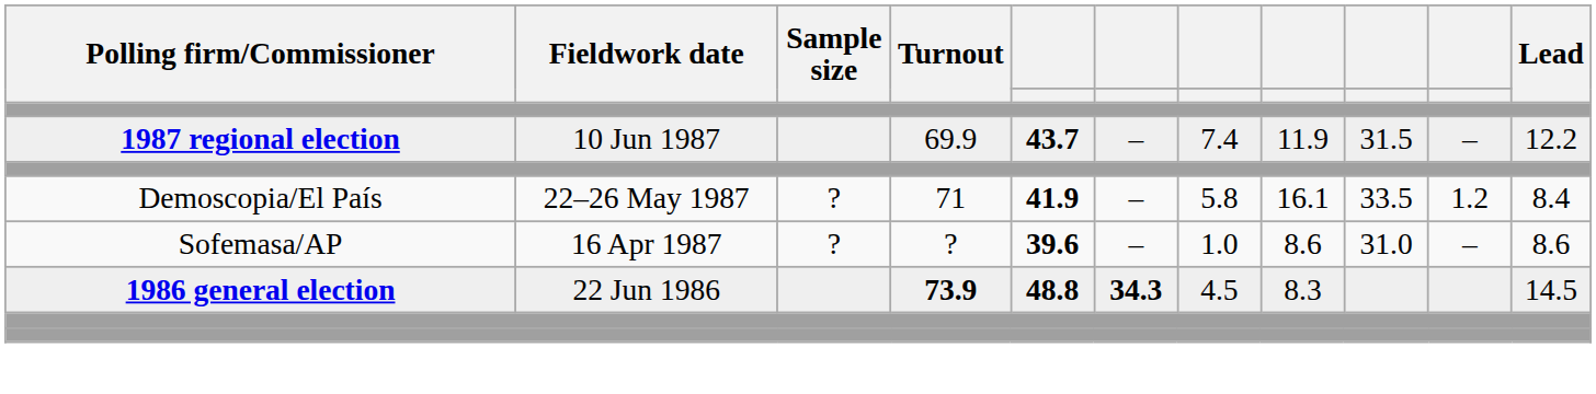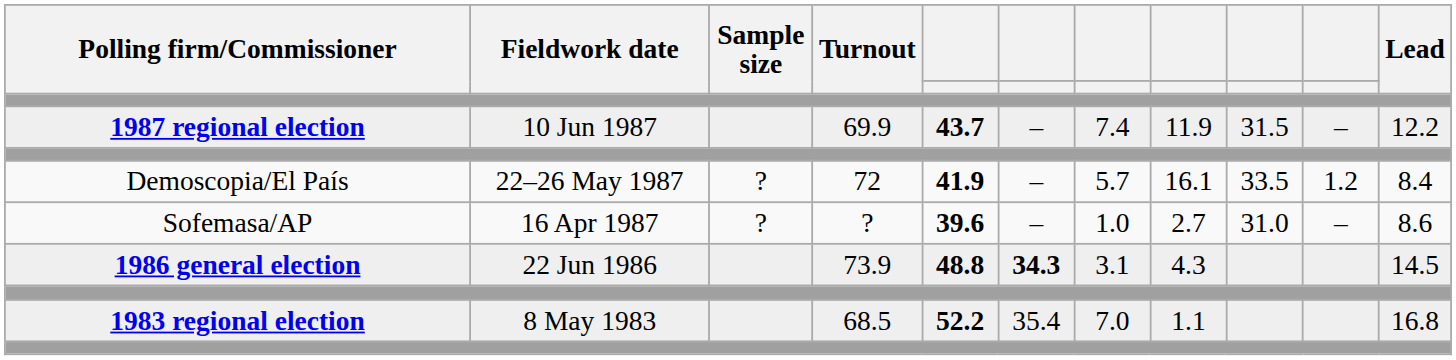 <table class="wikitable collapsible collapsed" style="text-align:center; font-size:95%; line-height:16px;">
 <tr style="height:42px;">
 <th style="width:250px;" rowspan="2">Polling firm/Commissioner</th>
 <th style="width:125px;" rowspan="2">Fieldwork date</th>
 <th style="width:50px;" rowspan="2">Sample size</th>
 <th style="width:45px;" rowspan="2">Turnout</th>
 <th style="width:35px;"></th>
 <th style="width:35px;"></th>
 <th style="width:35px;"></th>
 <th style="width:35px;"></th>
 <th style="width:35px;"></th>
 <th style="width:35px;"></th>
 <th style="width:30px;" rowspan="2">Lead</th>
 </tr>
 <tr>
 <th style="color:inherit;background:"></th>
 <th style="color:inherit;background:"></th>
 <th style="color:inherit;background:"></th>
 <th style="color:inherit;background:"></th>
 <th style="color:inherit;background:"></th>
 <th style="color:inherit;background:"></th>
 </tr>
 <tr>
 <td colspan="11" style="background:#A0A0A0"></td>
 </tr>
 <tr style="background:#EFEFEF;">
 <td><strong><a href='#'>1987 regional election</a></strong></td>
 <td>10 Jun 1987</td>
 <td></td>
 <td>69.9</td>
 <td><strong>43.7</strong><br></td>
 <td>–</td>
 <td>7.4<br></td>
 <td>11.9<br></td>
 <td>31.5<br></td>
 <td>–</td>
 <td style="background:">12.2</td>
 </tr>
 <tr>
 <td colspan="11" style="background:#A0A0A0"></td>
 </tr>
 <tr>
 <td>Demoscopia/El País</td>
 <td>22–26 May 1987</td>
 <td>?</td>
-<td>71</td>
+<td>72</td>
 <td><strong>41.9</strong><br></td>
 <td>–</td>
-<td>5.8<br></td>
+<td>5.7<br></td>
 <td>16.1<br></td>
 <td>33.5<br></td>
 <td>1.2<br></td>
 <td style="background:">8.4</td>
 </tr>
 <tr>
 <td>Sofemasa/AP</td>
 <td>16 Apr 1987</td>
 <td>?</td>
 <td>?</td>
 <td><strong>39.6</strong></td>
 <td>–</td>
 <td>1.0</td>
-<td>8.6</td>
+<td>2.7</td>
 <td>31.0</td>
 <td>–</td>
 <td style="background:">8.6</td>
 </tr>
 <tr style="background:#EFEFEF;">
 <td><strong><a href='#'>1986 general election</a></strong></td>
 <td>22 Jun 1986</td>
 <td></td>
-<td><strong>73.9</strong></td>
+<td>73.9</td>
 <td><strong>48.8</strong></td>
 <td><strong>34.3</strong></td>
-<td>4.5</td>
-<td>8.3</td>
+<td>3.1</td>
+<td>4.3</td>
 <td></td>
 <td></td>
 <td style="background:">14.5</td>
 </tr>
 <tr>
 <td colspan="11" style="background:#A0A0A0"></td>
 </tr>
+<tr style="background:#EFEFEF;">
+<td><strong><a href='#'>1983 regional election</a></strong></td>
+<td>8 May 1983</td>
+<td></td>
+<td>68.5</td>
+<td><strong>52.2</strong><br></td>
+<td>35.4<br></td>
+<td>7.0<br></td>
+<td>1.1<br></td>
+<td></td>
+<td></td>
+<td style="background:">16.8</td>
+</tr>
 <tr>
 <td colspan="11" style="background:#A0A0A0"></td>
 </tr>
 </table>
